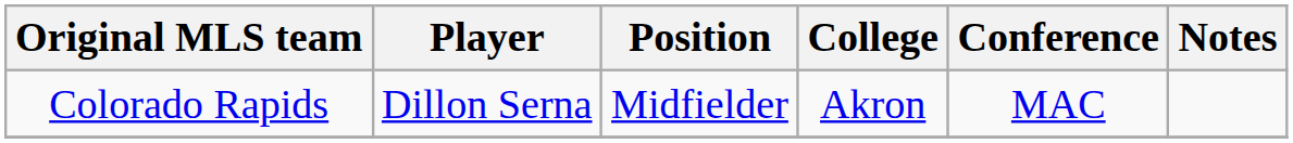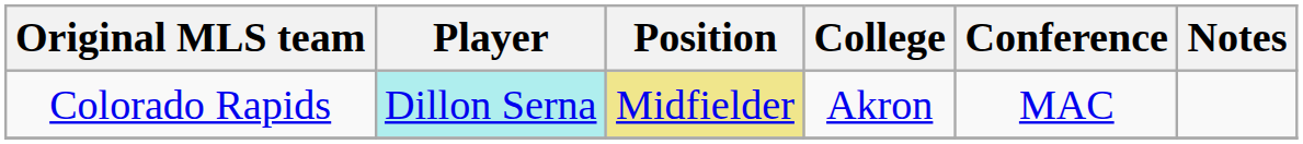 <table class="wikitable sortable" style="text-align:center">
 <tr>
 <th>Original MLS team</th>
 <th>Player</th>
 <th>Position</th>
 <th>College</th>
 <th>Conference</th>
 <th>Notes</th>
 </tr>
 <tr>
 <td><a href='#'>Colorado Rapids</a></td>
-<td><a href='#'>Dillon Serna</a></td>
-<td><a href='#'>Midfielder</a></td>
+<td style="background: paleturquoise;"><a href='#'>Dillon Serna</a></td>
+<td style="background: khaki;"><a href='#'>Midfielder</a></td>
 <td><a href='#'>Akron</a></td>
 <td><a href='#'>MAC</a></td>
 <td></td>
 </tr>
 <tr>
 </tr>
 </table>
